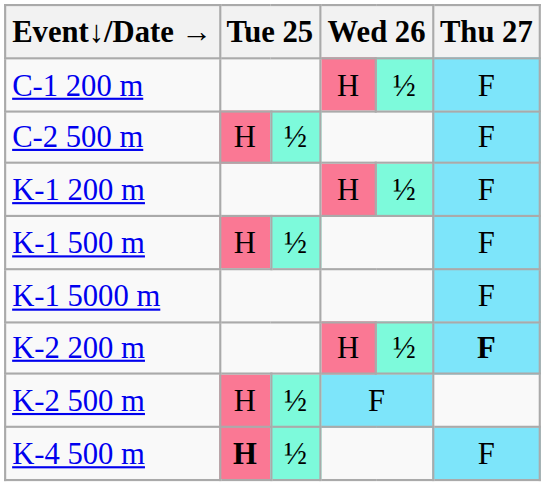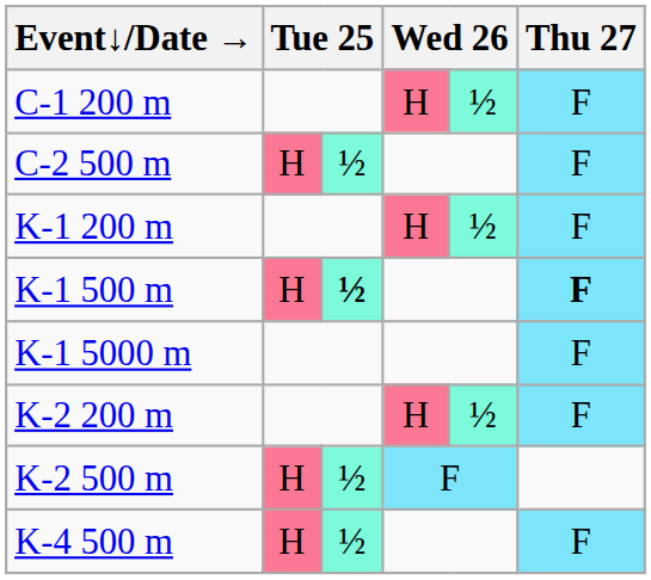 <table class="wikitable" style="margin:0.5em auto; font-size:90%; line-height:1.25em;text-align:center;">
 <tr>
 <th>Event↓/Date →</th>
 <th colspan="2">Tue 25</th>
 <th colspan="2">Wed 26</th>
 <th>Thu 27</th>
 </tr>
 <tr>
 <td style="text-align:left;"><a href='#'>C-1 200 m</a></td>
 <td colspan="2"></td>
 <td style="background-color:#FA7894;">H</td>
 <td style="background-color:#7DFADB;">½</td>
 <td style="background-color:#7DE5FA;">F</td>
 </tr>
 <tr>
 <td style="text-align:left;"><a href='#'>C-2 500 m</a></td>
 <td style="background-color:#FA7894;">H</td>
 <td style="background-color:#7DFADB;">½</td>
 <td colspan="2"></td>
 <td style="background-color:#7DE5FA;">F</td>
 </tr>
 <tr>
 <td style="text-align:left;"><a href='#'>K-1 200 m</a></td>
 <td colspan="2"></td>
 <td style="background-color:#FA7894;">H</td>
 <td style="background-color:#7DFADB;">½</td>
 <td style="background-color:#7DE5FA;">F</td>
 </tr>
 <tr>
 <td style="text-align:left;"><a href='#'>K-1 500 m</a></td>
 <td style="background-color:#FA7894;">H</td>
-<td style="background-color:#7DFADB;">½</td>
+<td style="background-color:#7DFADB;"><strong>½</strong></td>
 <td colspan="2"></td>
-<td style="background-color:#7DE5FA;">F</td>
+<td style="background-color:#7DE5FA;"><strong>F</strong></td>
 </tr>
 <tr>
 <td style="text-align:left;"><a href='#'>K-1 5000 m</a></td>
 <td colspan="2"></td>
 <td colspan="2"></td>
 <td style="background-color:#7DE5FA;">F</td>
 </tr>
 <tr>
 <td style="text-align:left;"><a href='#'>K-2 200 m</a></td>
 <td colspan="2"></td>
 <td style="background-color:#FA7894;">H</td>
 <td style="background-color:#7DFADB;">½</td>
-<td style="background-color:#7DE5FA;"><strong>F</strong></td>
+<td style="background-color:#7DE5FA;">F</td>
 </tr>
 <tr>
 <td style="text-align:left;"><a href='#'>K-2 500 m</a></td>
 <td style="background-color:#FA7894;">H</td>
 <td style="background-color:#7DFADB;">½</td>
 <td colspan="2" style="background-color:#7DE5FA;">F</td>
 <td></td>
 </tr>
 <tr>
 <td style="text-align:left;"><a href='#'>K-4 500 m</a></td>
-<td style="background-color:#FA7894;"><strong>H</strong></td>
+<td style="background-color:#FA7894;">H</td>
 <td style="background-color:#7DFADB;">½</td>
 <td colspan="2"></td>
 <td style="background-color:#7DE5FA;">F</td>
 </tr>
 </table>
